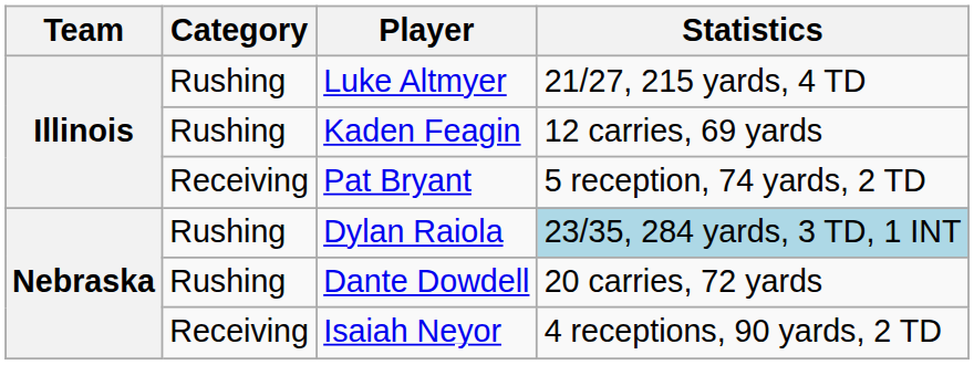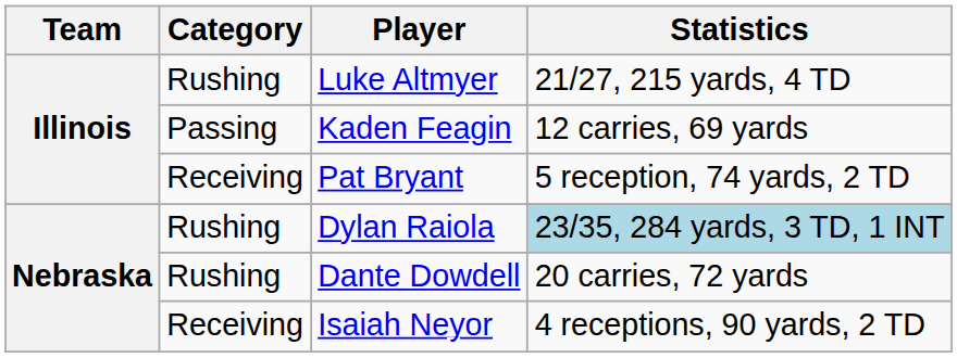 <table class="wikitable" style="float:right">
 <tr>
 <th>Team</th>
 <th>Category</th>
 <th>Player</th>
 <th>Statistics</th>
 </tr>
 <tr>
 <th rowspan=3>Illinois</th>
 <td>Rushing</td>
 <td><a href='#'>Luke Altmyer</a></td>
 <td>21/27, 215 yards, 4 TD</td>
 </tr>
 <tr>
-<td>Rushing</td>
+<td>Passing</td>
 <td><a href='#'>Kaden Feagin</a></td>
 <td>12 carries, 69 yards</td>
 </tr>
 <tr>
 <td>Receiving</td>
 <td><a href='#'>Pat Bryant</a></td>
 <td>5 reception, 74 yards, 2 TD</td>
 </tr>
 <tr>
 <th rowspan=3>Nebraska</th>
 <td>Rushing</td>
 <td><a href='#'>Dylan Raiola</a></td>
 <td style="background: lightblue;">23/35, 284 yards, 3 TD, 1 INT</td>
 </tr>
 <tr>
 <td>Rushing</td>
 <td><a href='#'>Dante Dowdell</a></td>
 <td>20 carries, 72 yards</td>
 </tr>
 <tr>
 <td>Receiving</td>
 <td><a href='#'>Isaiah Neyor</a></td>
 <td>4 receptions, 90 yards, 2 TD</td>
 </tr>
 </table>
